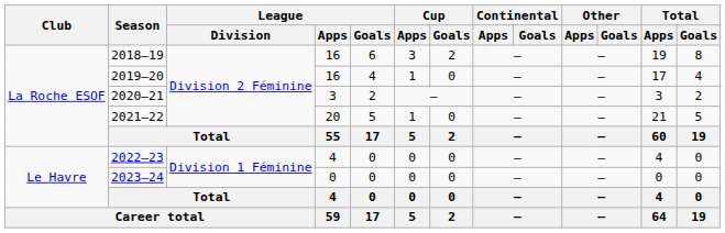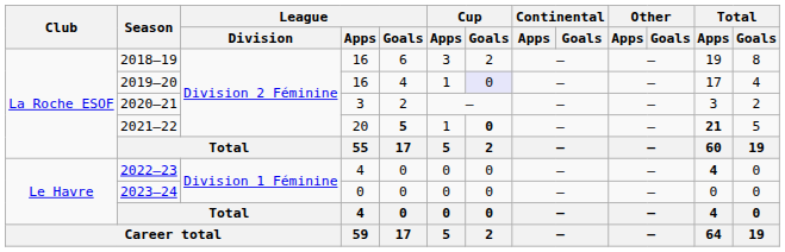 <table class="wikitable" style="text-align: center;">
 <tr>
 <th rowspan="2">Club</th>
 <th rowspan="2">Season</th>
 <th colspan="3">League</th>
 <th colspan="2">Cup</th>
 <th colspan="2">Continental</th>
 <th colspan="2">Other</th>
 <th colspan="2">Total</th>
 </tr>
 <tr>
 <th>Division</th>
 <th>Apps</th>
 <th>Goals</th>
 <th>Apps</th>
 <th>Goals</th>
 <th>Apps</th>
 <th>Goals</th>
 <th>Apps</th>
 <th>Goals</th>
 <th>Apps</th>
 <th>Goals</th>
 </tr>
 <tr>
 <td rowspan="5"><a href='#'>La Roche ESOF</a></td>
 <td>2018–19</td>
 <td rowspan="4"><a href='#'>Division 2 Féminine</a></td>
 <td>16</td>
 <td>6</td>
 <td>3</td>
 <td>2</td>
 <td colspan="2">—</td>
 <td colspan="2">—</td>
 <td>19</td>
 <td>8</td>
 </tr>
 <tr>
 <td>2019–20</td>
 <td>16</td>
 <td>4</td>
 <td>1</td>
-<td>0</td>
+<td style="background: lavender;">0</td>
 <td colspan="2">—</td>
 <td colspan="2">—</td>
 <td>17</td>
 <td>4</td>
 </tr>
 <tr>
 <td>2020–21</td>
 <td>3</td>
 <td>2</td>
 <td colspan="2">—</td>
 <td colspan="2">—</td>
 <td colspan="2">—</td>
 <td>3</td>
 <td>2</td>
 </tr>
 <tr>
 <td>2021–22</td>
 <td>20</td>
-<td>5</td>
+<td><strong>5</strong></td>
 <td>1</td>
-<td>0</td>
+<td><strong>0</strong></td>
 <td colspan="2">—</td>
 <td colspan="2">—</td>
-<td>21</td>
+<td><strong>21</strong></td>
 <td>5</td>
 </tr>
 <tr>
 <th colspan="2">Total</th>
 <th>55</th>
 <th>17</th>
 <th>5</th>
 <th>2</th>
 <th colspan="2">—</th>
 <th colspan="2">—</th>
 <th>60</th>
 <th>19</th>
 </tr>
 <tr>
 <td rowspan="3"><a href='#'>Le Havre</a></td>
 <td><a href='#'>2022–23</a></td>
 <td rowspan="2"><a href='#'>Division 1 Féminine</a></td>
 <td>4</td>
 <td>0</td>
 <td>0</td>
 <td>0</td>
 <td colspan="2">—</td>
 <td colspan="2">—</td>
-<td>4</td>
+<td><strong>4</strong></td>
 <td>0</td>
 </tr>
 <tr>
 <td><a href='#'>2023–24</a></td>
 <td>0</td>
 <td>0</td>
 <td>0</td>
 <td>0</td>
 <td colspan="2">—</td>
 <td colspan="2">—</td>
 <td>0</td>
 <td>0</td>
 </tr>
 <tr>
 <th colspan="2">Total</th>
 <th>4</th>
 <th>0</th>
 <th>0</th>
 <th>0</th>
 <th colspan="2">—</th>
 <th colspan="2">—</th>
 <th>4</th>
 <th>0</th>
 </tr>
 <tr>
 <th colspan="3">Career total</th>
 <th>59</th>
 <th>17</th>
 <th>5</th>
 <th>2</th>
 <th colspan="2">—</th>
 <th colspan="2">—</th>
 <th>64</th>
 <th>19</th>
 </tr>
 </table>
